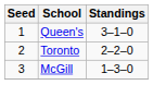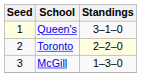 <table class="wikitable">
 <tr>
 <th>Seed</th>
 <th>School</th>
 <th>Standings</th>
 </tr>
 <tr>
-<td align=center>1</td>
+<td align=center style="background: lightyellow;">1</td>
 <td><a href='#'>Queen's</a></td>
 <td align=center>3–1–0</td>
 </tr>
 <tr>
 <td align=center>2</td>
 <td><a href='#'>Toronto</a></td>
-<td align=center>2–2–0</td>
+<td align=center style="background: lightyellow;">2–2–0</td>
 </tr>
 <tr>
 <td align=center>3</td>
 <td><a href='#'>McGill</a></td>
 <td align=center>1–3–0</td>
 </tr>
 <tr>
 </tr>
 </table>
